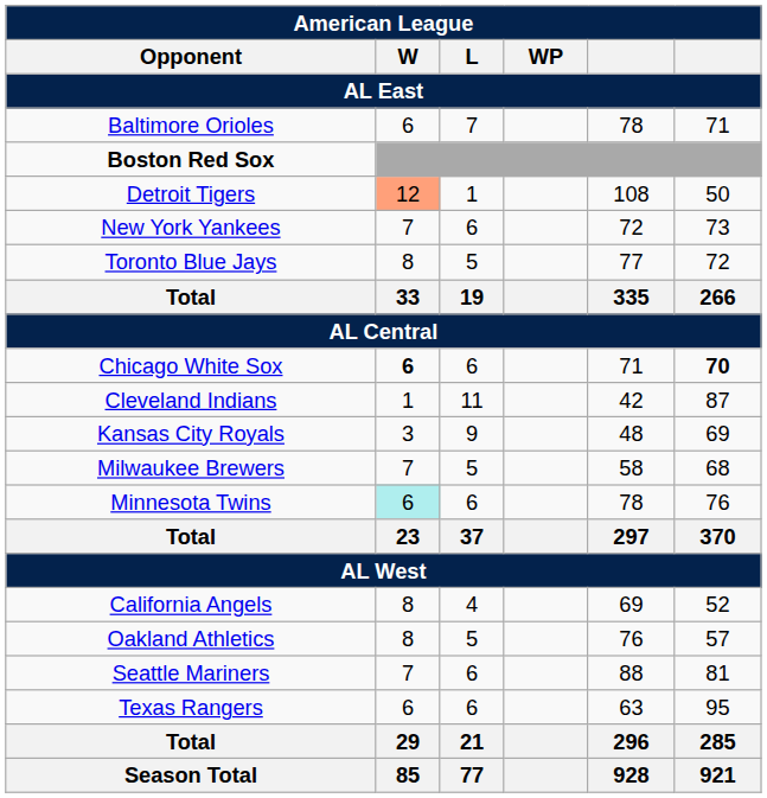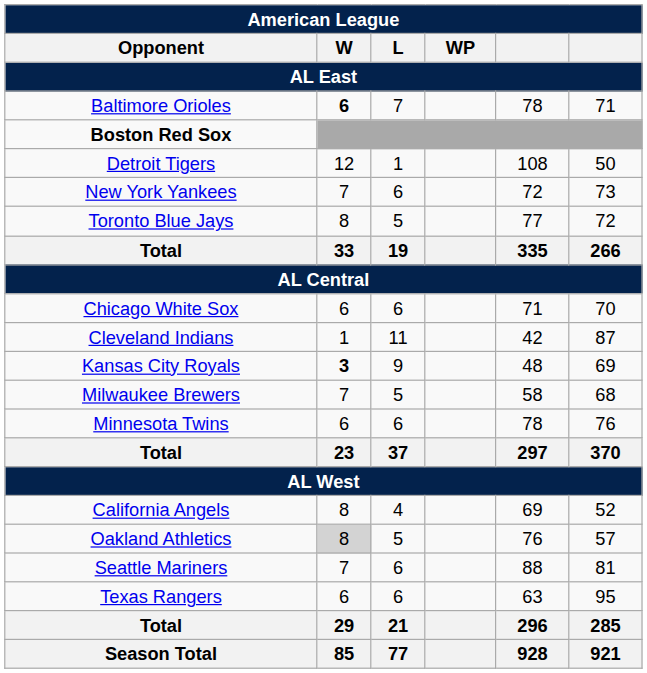 <table class="wikitable" style="font-size:95%; text-align:center; width:35em;margin: 0.5em auto;">
 <tr>
 <th colspan="7" style="background:#03224c; color:#ffffff;">American League</th>
 </tr>
 <tr>
 <th>Opponent</th>
 <th>W</th>
 <th>L</th>
 <th>WP</th>
 <th></th>
 <th></th>
 </tr>
 <tr>
 <th colspan="7" style="background:#03224c; color:#ffffff;">AL East</th>
 </tr>
 <tr>
 <td><a href='#'>Baltimore Orioles</a></td>
-<td>6</td>
+<td><strong>6</strong></td>
 <td>7</td>
 <td></td>
 <td>78</td>
 <td>71</td>
 </tr>
 <tr>
 <td><strong>Boston Red Sox</strong></td>
 <td colspan=5 style="background:darkgray;"></td>
 </tr>
 <tr>
 <td><a href='#'>Detroit Tigers</a></td>
-<td style="background: lightsalmon;">12</td>
+<td>12</td>
 <td>1</td>
 <td></td>
 <td>108</td>
 <td>50</td>
 </tr>
 <tr>
 <td><a href='#'>New York Yankees</a></td>
 <td>7</td>
 <td>6</td>
 <td></td>
 <td>72</td>
 <td>73</td>
 </tr>
 <tr>
 <td><a href='#'>Toronto Blue Jays</a></td>
 <td>8</td>
 <td>5</td>
 <td></td>
 <td>77</td>
 <td>72</td>
 </tr>
 <tr>
 <th>Total</th>
 <th>33</th>
 <th>19</th>
 <th></th>
 <th>335</th>
 <th>266</th>
 </tr>
 <tr>
 <th colspan="7" style="background:#03224c; color:#ffffff;">AL Central</th>
 </tr>
 <tr>
 <td><a href='#'>Chicago White Sox</a></td>
-<td><strong>6</strong></td>
+<td>6</td>
 <td>6</td>
 <td></td>
 <td>71</td>
-<td><strong>70</strong></td>
+<td>70</td>
 </tr>
 <tr>
 <td><a href='#'>Cleveland Indians</a></td>
 <td>1</td>
 <td>11</td>
 <td></td>
 <td>42</td>
 <td>87</td>
 </tr>
 <tr>
 <td><a href='#'>Kansas City Royals</a></td>
-<td>3</td>
+<td><strong>3</strong></td>
 <td>9</td>
 <td></td>
 <td>48</td>
 <td>69</td>
 </tr>
 <tr>
 <td><a href='#'>Milwaukee Brewers</a></td>
 <td>7</td>
 <td>5</td>
 <td></td>
 <td>58</td>
 <td>68</td>
 </tr>
 <tr>
 <td><a href='#'>Minnesota Twins</a></td>
-<td style="background: paleturquoise;">6</td>
+<td>6</td>
 <td>6</td>
 <td></td>
 <td>78</td>
 <td>76</td>
 </tr>
 <tr>
 <th>Total</th>
 <th>23</th>
 <th>37</th>
 <th></th>
 <th>297</th>
 <th>370</th>
 </tr>
 <tr>
 <th colspan="7" style="background:#03224c; color:#ffffff;">AL West</th>
 </tr>
 <tr>
 <td><a href='#'>California Angels</a></td>
 <td>8</td>
 <td>4</td>
 <td></td>
 <td>69</td>
 <td>52</td>
 </tr>
 <tr>
 <td><a href='#'>Oakland Athletics</a></td>
-<td>8</td>
+<td style="background: lightgrey;">8</td>
 <td>5</td>
 <td></td>
 <td>76</td>
 <td>57</td>
 </tr>
 <tr>
 <td><a href='#'>Seattle Mariners</a></td>
 <td>7</td>
 <td>6</td>
 <td></td>
 <td>88</td>
 <td>81</td>
 </tr>
 <tr>
 <td><a href='#'>Texas Rangers</a></td>
 <td>6</td>
 <td>6</td>
 <td></td>
 <td>63</td>
 <td>95</td>
 </tr>
 <tr>
 <th>Total</th>
 <th>29</th>
 <th>21</th>
 <th></th>
 <th>296</th>
 <th>285</th>
 </tr>
 <tr>
 <th>Season Total</th>
 <th>85</th>
 <th>77</th>
 <th></th>
 <th>928</th>
 <th>921</th>
 </tr>
 </table>
